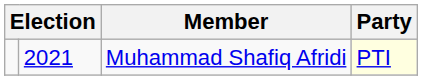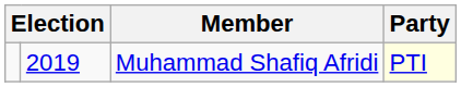 <table class="wikitable">
 <tr>
 <th colspan="2">Election</th>
 <th>Member</th>
 <th>Party</th>
 </tr>
 <tr>
 <td style="background-color: "></td>
-<td><a href='#'>2021</a></td>
+<td><a href='#'>2019</a></td>
 <td><a href='#'>Muhammad Shafiq Afridi</a></td>
 <td style="background: lightyellow;"><a href='#'>PTI</a></td>
 </tr>
 </table>
